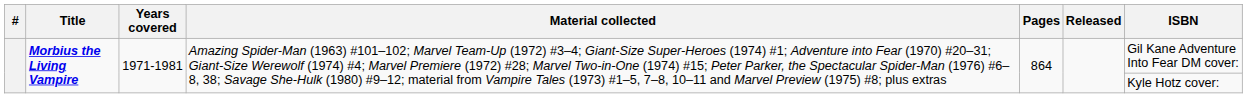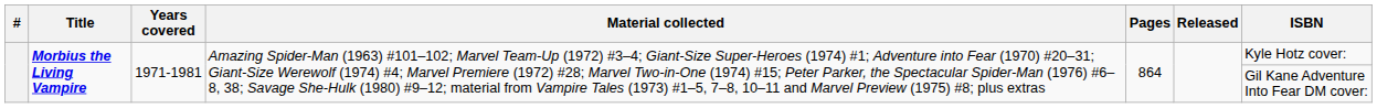 <table class="wikitable sortable" width="99%">
 <tr>
 <th class="unsortable" width="20px">#</th>
 <th>Title</th>
 <th>Years covered</th>
 <th class="unsortable">Material collected</th>
 <th>Pages</th>
 <th>Released</th>
 <th class="unsortable">ISBN</th>
 </tr>
 <tr>
 <th rowspan="2" style="background-color: light grey;"></th>
 <td rowspan="2"><strong><em><a href='#'>Morbius the Living Vampire</a></em></strong></td>
 <td rowspan="2">1971-1981</td>
 <td rowspan="2"><em>Amazing Spider-Man</em> (1963) #101–102; <em>Marvel Team-Up</em> (1972) #3–4; <em>Giant-Size Super-Heroes</em> (1974) #1; <em>Adventure into Fear</em> (1970) #20–31; <em>Giant-Size Werewolf</em> (1974) #4; <em>Marvel Premiere</em> (1972) #28; <em>Marvel Two-in-One</em> (1974) #15; <em>Peter Parker, the Spectacular Spider-Man</em> (1976) #6–8, 38; <em>Savage She-Hulk</em> (1980) #9–12; material from <em>Vampire Tales</em> (1973) #1–5, 7–8, 10–11 and <em>Marvel Preview</em> (1975) #8; plus extras</td>
 <td rowspan="2" style="text-align: center;">864</td>
 <td rowspan="2"></td>
+<td>Kyle Hotz cover: </td>
+</tr>
+<tr>
 <td>Gil Kane Adventure Into Fear DM cover: </td>
 </tr>
-<tr>
-<td>Kyle Hotz cover: </td>
-</tr>
 </table>
